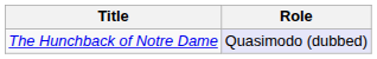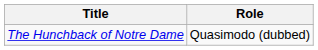 <table class="wikitable">
 <tr>
 <th>Title</th>
 <th>Role</th>
 </tr>
 <tr>
 <td><em><a href='#'>The Hunchback of Notre Dame</a></em></td>
-<td style="background: lavender;">Quasimodo (dubbed)</td>
+<td>Quasimodo (dubbed)</td>
 </tr>
 </table>
